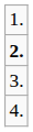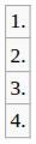 <table class="wikitable">
 <tr>
 <td>1. </td>
 </tr>
 <tr>
-<td><strong>2. </strong></td>
+<td>2. </td>
 </tr>
 <tr>
 <td>3. </td>
 </tr>
 <tr>
 <td>4.  </td>
 </tr>
 </table>
